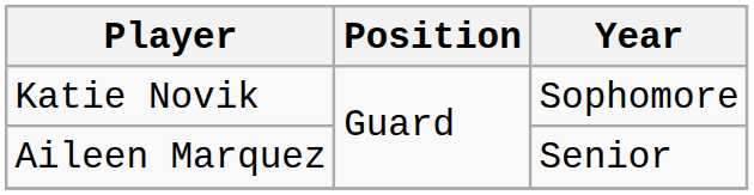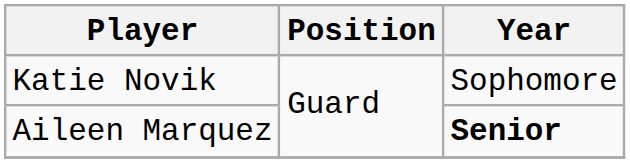 <table class="wikitable" border="1">
 <tr align=center>
 <th style= >Player</th>
 <th style= >Position</th>
 <th style= >Year</th>
 </tr>
 <tr>
 <td>Katie Novik</td>
 <td rowspan=2>Guard</td>
 <td>Sophomore</td>
 </tr>
 <tr>
 <td>Aileen Marquez</td>
-<td>Senior</td>
+<td><strong>Senior</strong></td>
 </tr>
 <tr>
 </tr>
 </table>
